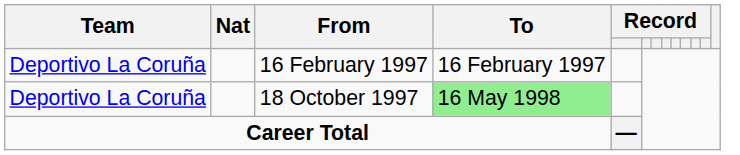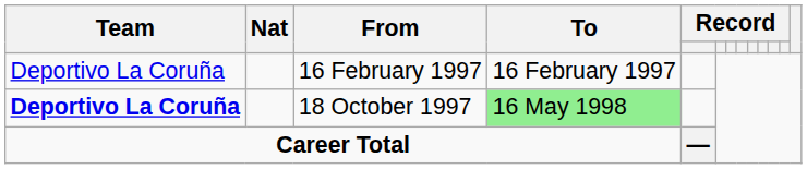 <table class="wikitable" style="text-align: center">
 <tr>
 <th rowspan="2">Team</th>
 <th rowspan="2">Nat</th>
 <th rowspan="2">From</th>
 <th rowspan="2">To</th>
 <th colspan="8">Record</th>
 <th rowspan=2></th>
 </tr>
 <tr>
 <th></th>
 <th></th>
 <th></th>
 <th></th>
 <th></th>
 <th></th>
 <th></th>
 <th></th>
 </tr>
 <tr>
 <td align="left"><a href='#'>Deportivo La Coruña</a></td>
 <td></td>
 <td align=left>16 February 1997</td>
 <td align=left>16 February 1997<br></td>
 <td></td>
 </tr>
 <tr>
-<td align="left"><a href='#'>Deportivo La Coruña</a></td>
+<td align="left"><strong><a href='#'>Deportivo La Coruña</a></strong></td>
 <td></td>
 <td align=left>18 October 1997</td>
 <td align=left style="background: lightgreen;">16 May 1998<br></td>
 <td></td>
 </tr>
 <tr>
 <td colspan=4><strong>Career Total</strong><br></td>
 <th>—</th>
 </tr>
 </table>
